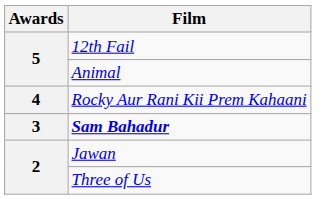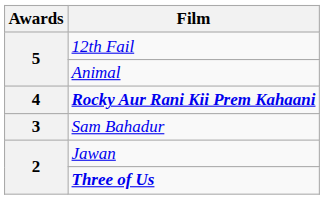 <table class="wikitable" style="display:inline-table;">
 <tr>
 <th>Awards</th>
 <th>Film</th>
 </tr>
 <tr>
 <th rowspan="2">5</th>
 <td><em><a href='#'>12th Fail</a></em></td>
 </tr>
 <tr>
 <td><em><a href='#'>Animal</a></em></td>
 </tr>
 <tr>
 <th>4</th>
-<td><em><a href='#'>Rocky Aur Rani Kii Prem Kahaani</a></em></td>
+<td><strong><em><a href='#'>Rocky Aur Rani Kii Prem Kahaani</a></em></strong></td>
 </tr>
 <tr>
 <th>3</th>
-<td><strong><em><a href='#'>Sam Bahadur</a></em></strong></td>
+<td><em><a href='#'>Sam Bahadur</a></em></td>
 </tr>
 <tr>
 <th rowspan=2>2</th>
 <td><em><a href='#'>Jawan</a></em></td>
 </tr>
 <tr>
-<td><em><a href='#'>Three of Us</a></em></td>
+<td><strong><em><a href='#'>Three of Us</a></em></strong></td>
 </tr>
 </table>
